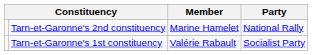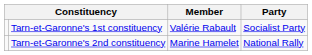 <table class="wikitable">
 <tr>
 <th colspan="2">Constituency</th>
 <th>Member</th>
 <th>Party</th>
 </tr>
 <tr>
 <td style="background-color: "></td>
+<td><a href='#'>Tarn-et-Garonne's 1st constituency</a></td>
+<td><a href='#'>Valérie Rabault</a></td>
+<td><a href='#'>Socialist Party</a></td>
+</tr>
+<tr>
+<td style="background-color: "></td>
 <td><a href='#'>Tarn-et-Garonne's 2nd constituency</a></td>
 <td><a href='#'>Marine Hamelet</a></td>
 <td><a href='#'>National Rally</a></td>
 </tr>
-<tr>
-<td style="background-color: "></td>
-<td><a href='#'>Tarn-et-Garonne's 1st constituency</a></td>
-<td><a href='#'>Valérie Rabault</a></td>
-<td><a href='#'>Socialist Party</a></td>
-</tr>
 </table>
